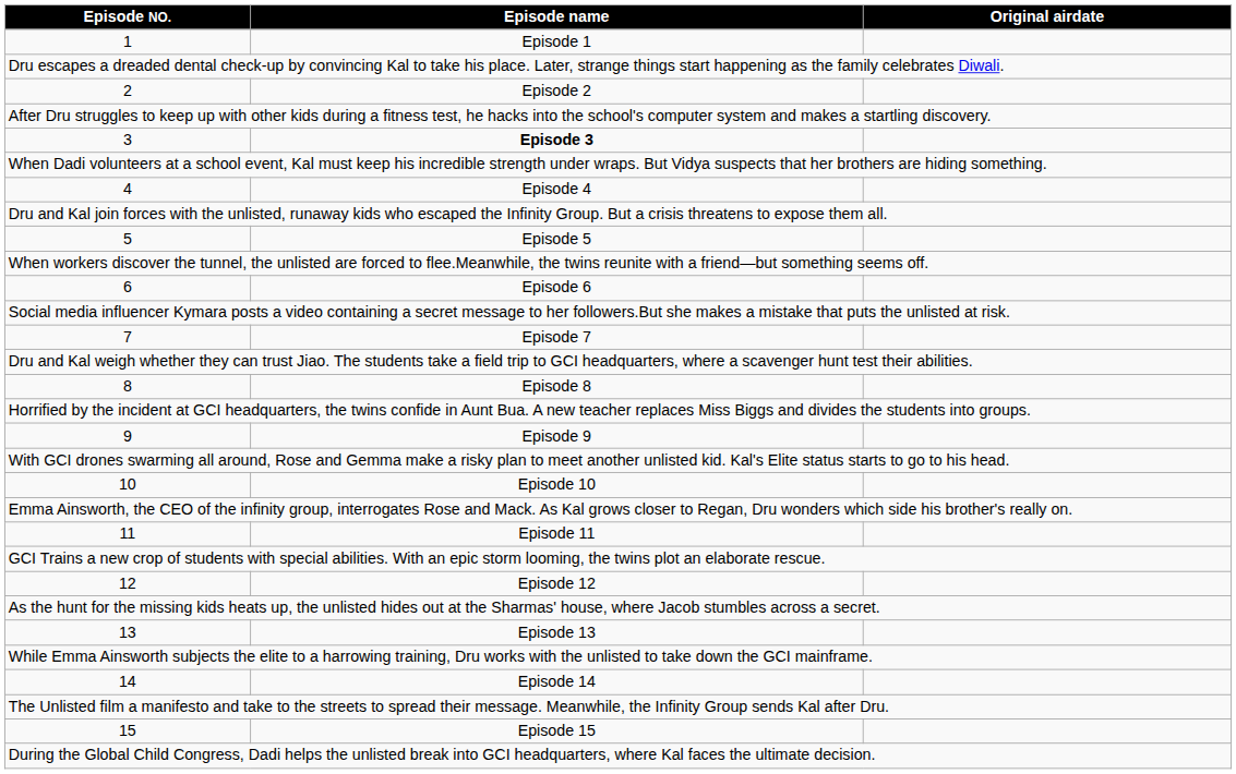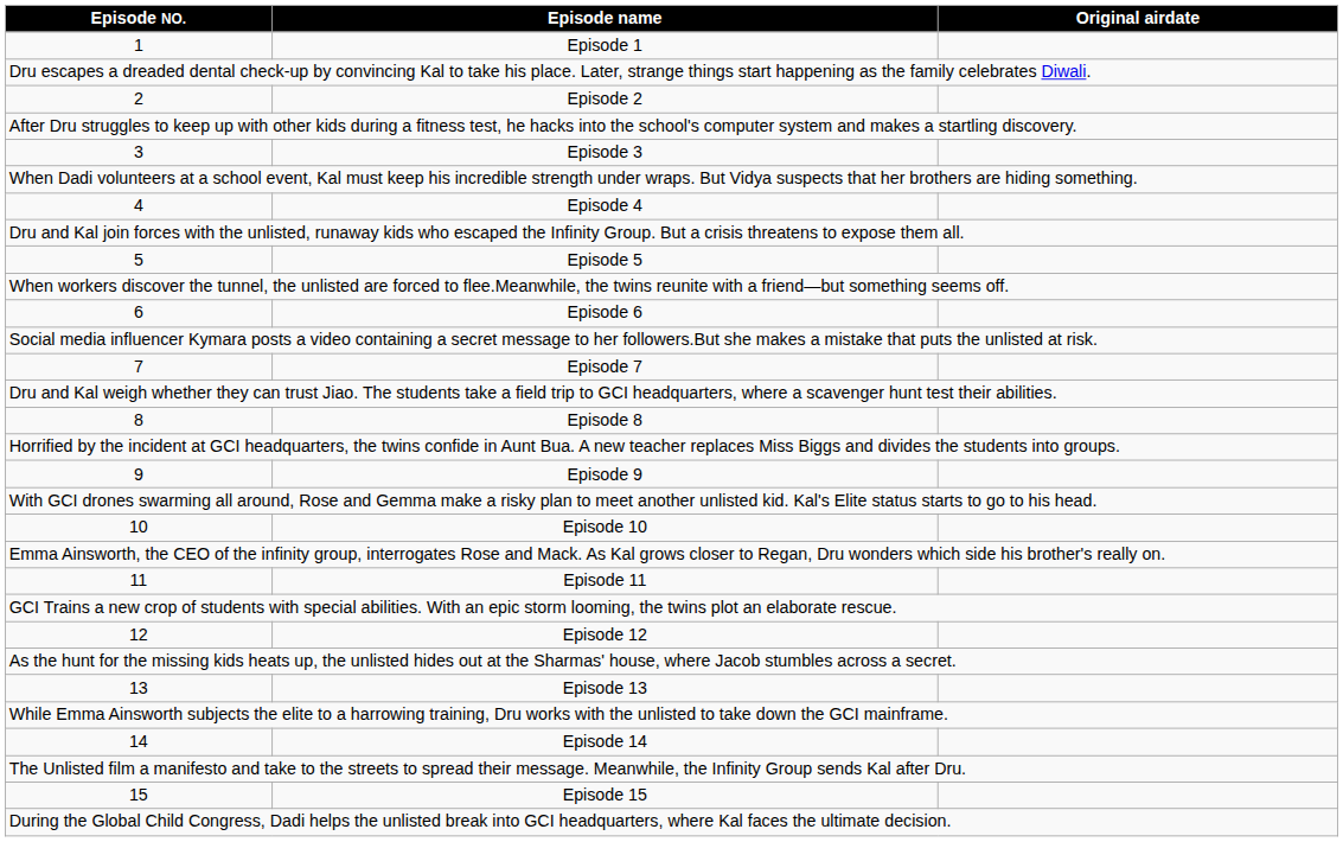 <table class="wikitable" style="color:black; width:100%;">
 <tr>
 <th style="background-color:#000; color:white; width:20%;">Episode <small>NO.</small></th>
 <th style="background-color:#000; color:white; width:50%;">Episode name</th>
 <th style="background-color:#000; color:white; width:30%;">Original airdate</th>
 </tr>
 <tr>
 <td style="text-align:center;">1</td>
 <td style="text-align:center;">Episode 1</td>
 <td style="text-align:center;"></td>
 </tr>
 <tr>
 <td colspan="6" style="text-align:left;">Dru escapes a dreaded dental check-up by convincing Kal to take his place. Later, strange things start happening as the family celebrates <a href='#'>Diwali</a>.</td>
 </tr>
 <tr>
 <td style="text-align:center;">2</td>
 <td style="text-align:center;">Episode 2</td>
 <td style="text-align:center;"></td>
 </tr>
 <tr>
 <td colspan="6" style="text-align:left;">After Dru struggles to keep up with other kids during a fitness test, he hacks into the school's computer system and makes a startling discovery.</td>
 </tr>
 <tr>
 <td style="text-align:center;">3</td>
-<td style="text-align:center;"><strong>Episode 3</strong></td>
+<td style="text-align:center;">Episode 3</td>
 <td style="text-align:center;"></td>
 </tr>
 <tr>
 <td colspan="6" style="text-align:left;">When Dadi volunteers at a school event, Kal must keep his incredible strength under wraps. But Vidya suspects that her brothers are hiding something.</td>
 </tr>
 <tr>
 <td style="text-align:center;">4</td>
 <td style="text-align:center;">Episode 4</td>
 <td style="text-align:center;"></td>
 </tr>
 <tr>
 <td colspan="6" style="text-align:left;">Dru and Kal join forces with the unlisted, runaway kids who escaped the Infinity Group. But a crisis threatens to expose them all.</td>
 </tr>
 <tr>
 <td style="text-align:center;">5</td>
 <td style="text-align:center;">Episode 5</td>
 <td style="text-align:center;"></td>
 </tr>
 <tr>
 <td colspan="6" style="text-align:left;">When workers discover the tunnel, the unlisted are forced to flee.Meanwhile, the twins reunite with a friend—but something seems off.</td>
 </tr>
 <tr>
 <td style="text-align:center;">6</td>
 <td style="text-align:center;">Episode 6</td>
 <td style="text-align:center;"></td>
 </tr>
 <tr>
 <td colspan="6" style="text-align:left;">Social media influencer Kymara posts a video containing a secret message to her followers.But she makes a mistake that puts the unlisted at risk.</td>
 </tr>
 <tr>
 <td style="text-align:center;">7</td>
 <td style="text-align:center;">Episode 7</td>
 <td style="text-align:center;"></td>
 </tr>
 <tr>
 <td colspan="6" style="text-align:left;">Dru and Kal weigh whether they can trust Jiao. The students take a field trip to GCI headquarters, where a scavenger hunt test their abilities.</td>
 </tr>
 <tr>
 <td style="text-align:center;">8</td>
 <td style="text-align:center;">Episode 8</td>
 <td style="text-align:center;"></td>
 </tr>
 <tr>
 <td colspan="6" style="text-align:left;">Horrified by the incident at GCI headquarters, the twins confide in Aunt Bua. A new teacher replaces Miss Biggs and divides the students into groups.</td>
 </tr>
 <tr>
 <td style="text-align:center;">9</td>
 <td style="text-align:center;">Episode 9</td>
 <td style="text-align:center;"></td>
 </tr>
 <tr>
 <td colspan="6" style="text-align:left;">With GCI drones swarming all around, Rose and Gemma make a risky plan to meet another unlisted kid. Kal's Elite status starts to go to his head.</td>
 </tr>
 <tr>
 <td style="text-align:center;">10</td>
 <td style="text-align:center;">Episode 10</td>
 <td style="text-align:center;"></td>
 </tr>
 <tr>
 <td colspan="6" style="text-align:left;">Emma Ainsworth, the CEO of the infinity group, interrogates Rose and Mack. As Kal grows closer to Regan, Dru wonders which side his brother's really on.</td>
 </tr>
 <tr>
 <td style="text-align:center;">11</td>
 <td style="text-align:center;">Episode 11</td>
 <td style="text-align:center;"></td>
 </tr>
 <tr>
 <td colspan="6" style="text-align:left;">GCI Trains a new crop of students with special abilities. With an epic storm looming, the twins plot an elaborate rescue.</td>
 </tr>
 <tr>
 <td style="text-align:center;">12</td>
 <td style="text-align:center;">Episode 12</td>
 <td style="text-align:center;"></td>
 </tr>
 <tr>
 <td colspan="6" style="text-align:left;">As the hunt for the missing kids heats up, the unlisted hides out at the Sharmas' house, where Jacob stumbles across a secret.</td>
 </tr>
 <tr>
 <td style="text-align:center;">13</td>
 <td style="text-align:center;">Episode 13</td>
 <td style="text-align:center;"></td>
 </tr>
 <tr>
 <td colspan="6" style="text-align:left;">While Emma Ainsworth subjects the elite to a harrowing training, Dru works with the unlisted to take down the GCI mainframe.</td>
 </tr>
 <tr>
 <td style="text-align:center;">14</td>
 <td style="text-align:center;">Episode 14</td>
 <td style="text-align:center;"></td>
 </tr>
 <tr>
 <td colspan="6" style="text-align:left;">The Unlisted film a manifesto and take to the streets to spread their message. Meanwhile, the Infinity Group sends Kal after Dru.</td>
 </tr>
 <tr>
 <td style="text-align:center;">15</td>
 <td style="text-align:center;">Episode 15</td>
 <td style="text-align:center;"></td>
 </tr>
 <tr>
 <td colspan="6" style="text-align:left;">During the Global Child Congress, Dadi helps the unlisted break into GCI headquarters, where Kal faces the ultimate decision.</td>
 </tr>
 </table>
